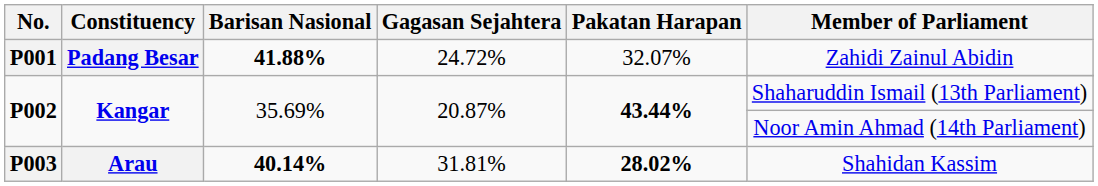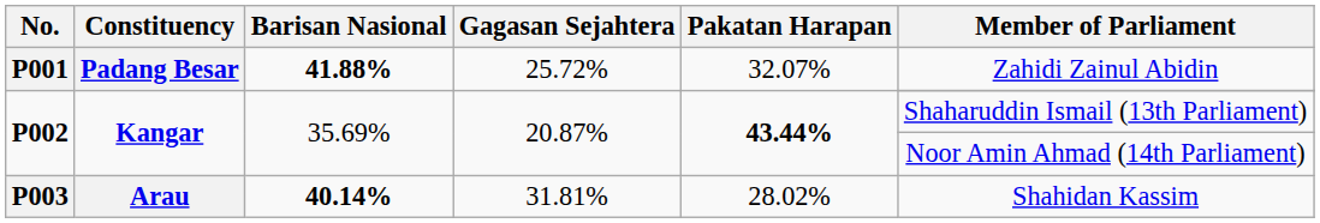 <table class=wikitable>
 <tr>
 <th>No.</th>
 <th>Constituency</th>
 <th>Barisan Nasional</th>
 <th>Gagasan Sejahtera</th>
 <th>Pakatan Harapan</th>
 <th>Member of Parliament</th>
 </tr>
 <tr align=center>
 <th>P001</th>
 <th><a href='#'>Padang Besar</a></th>
 <td><strong>41.88%</strong></td>
-<td>24.72%</td>
+<td>25.72%</td>
 <td>32.07%</td>
 <td><a href='#'>Zahidi Zainul Abidin</a></td>
 </tr>
 <tr align=center>
 <td rowspan=3><strong>P002</strong></td>
 <td rowspan=3><strong><a href='#'>Kangar</a></strong></td>
 <td rowspan=3>35.69%</td>
 <td rowspan=3>20.87%</td>
 <td rowspan=3><strong>43.44%</strong></td>
 </tr>
 <tr align=center>
 <td><a href='#'>Shaharuddin Ismail</a> (<a href='#'>13th Parliament</a>)</td>
 </tr>
 <tr align=center>
 <td><a href='#'>Noor Amin Ahmad</a> (<a href='#'>14th Parliament</a>)</td>
 </tr>
 <tr align=center>
 <th>P003</th>
 <th><a href='#'>Arau</a></th>
 <td><strong>40.14%</strong></td>
 <td>31.81%</td>
-<td><strong>28.02%</strong></td>
+<td>28.02%</td>
 <td><a href='#'>Shahidan Kassim</a></td>
 </tr>
 </table>
